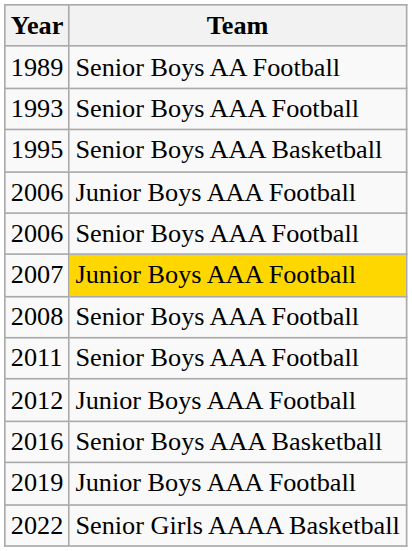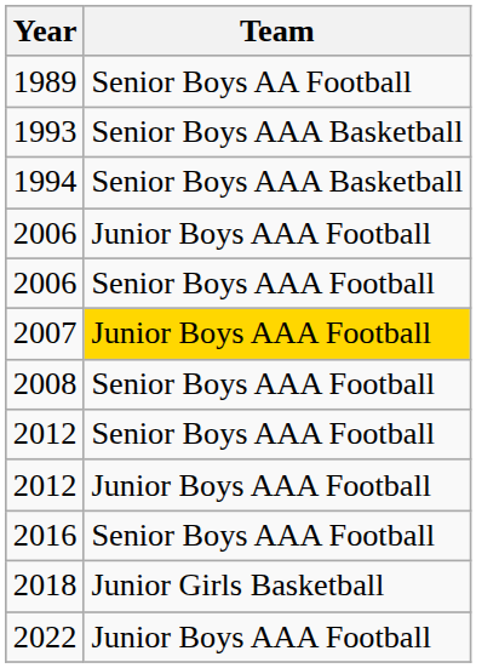 <table class="wikitable">
 <tr>
 <th>Year</th>
 <th>Team</th>
 </tr>
 <tr>
 <td>1989</td>
 <td>Senior Boys AA Football</td>
 </tr>
 <tr>
 <td>1993</td>
-<td>Senior Boys AAA Football</td>
+<td>Senior Boys AAA Basketball</td>
 </tr>
 <tr>
-<td>1995</td>
+<td>1994</td>
 <td>Senior Boys AAA Basketball</td>
 </tr>
 <tr>
 <td>2006</td>
 <td>Junior Boys AAA Football</td>
 </tr>
 <tr>
 <td>2006</td>
 <td>Senior Boys AAA Football</td>
 </tr>
 <tr>
 <td>2007</td>
 <td style="background: gold;">Junior Boys AAA Football</td>
 </tr>
 <tr>
 <td>2008</td>
 <td>Senior Boys AAA Football</td>
 </tr>
 <tr>
-<td>2011</td>
+<td>2012</td>
 <td>Senior Boys AAA Football</td>
 </tr>
 <tr>
 <td>2012</td>
 <td>Junior Boys AAA Football</td>
 </tr>
 <tr>
 <td>2016</td>
-<td>Senior Boys AAA Basketball</td>
+<td>Senior Boys AAA Football</td>
 </tr>
 <tr>
-<td>2019</td>
-<td>Junior Boys AAA Football</td>
+<td>2018</td>
+<td>Junior Girls Basketball</td>
 </tr>
 <tr>
 <td>2022</td>
-<td>Senior Girls AAAA Basketball</td>
+<td>Junior Boys AAA Football</td>
 </tr>
 </table>
